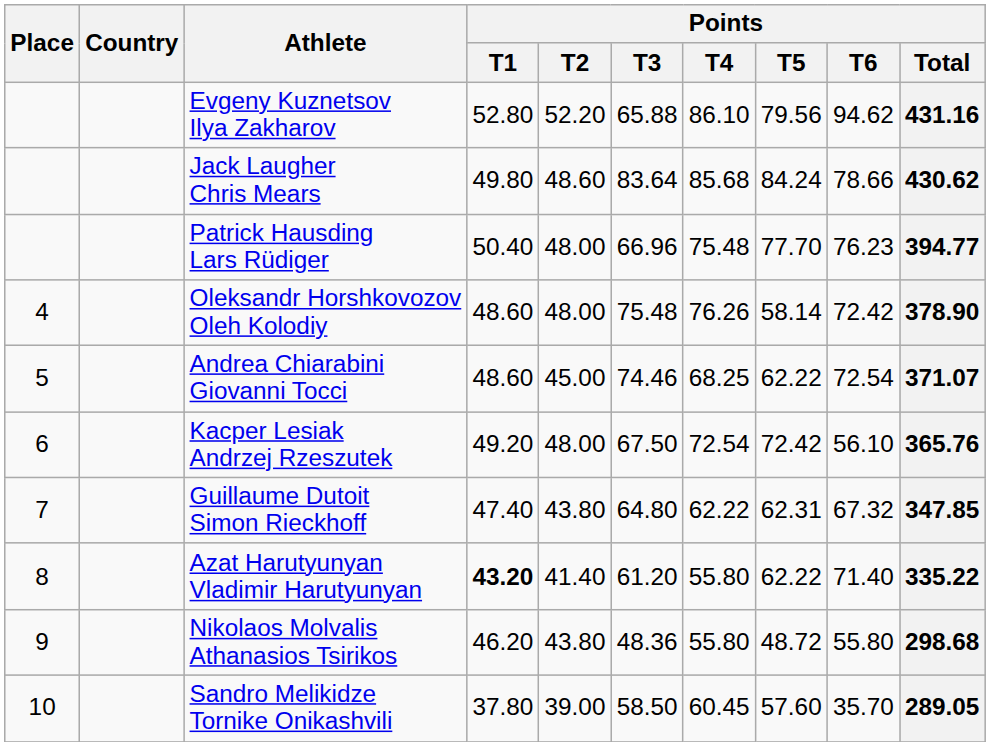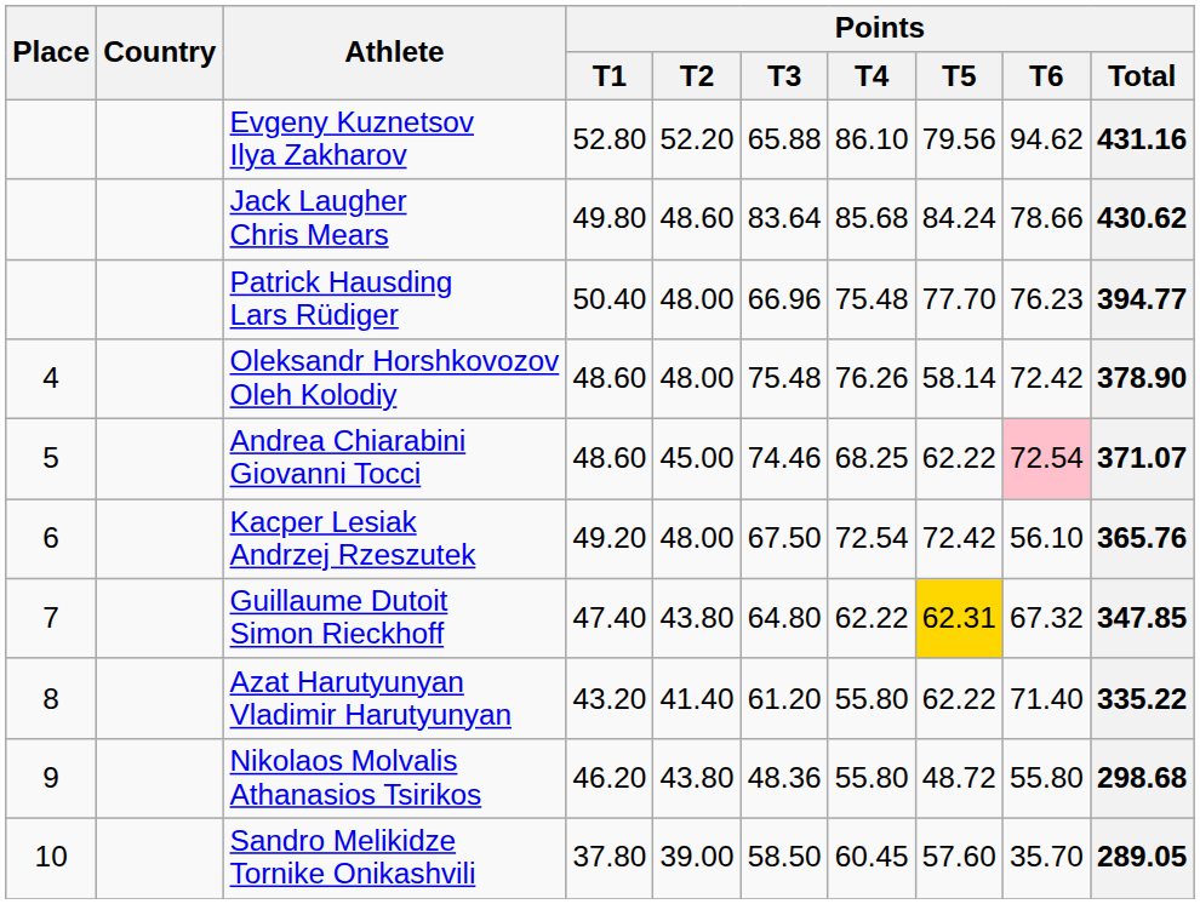 <table class="wikitable" style="text-align:center">
 <tr>
 <th rowspan=2>Place</th>
 <th rowspan=2>Country</th>
 <th rowspan=2>Athlete</th>
 <th colspan=7>Points</th>
 </tr>
 <tr>
 <th>T1</th>
 <th>T2</th>
 <th>T3</th>
 <th>T4</th>
 <th>T5</th>
 <th>T6</th>
 <th>Total</th>
 </tr>
 <tr>
 <td></td>
 <td align=left></td>
 <td align=left><a href='#'>Evgeny Kuznetsov</a><br><a href='#'>Ilya Zakharov</a></td>
 <td>52.80</td>
 <td>52.20</td>
 <td>65.88</td>
 <td>86.10</td>
 <td>79.56</td>
 <td>94.62</td>
 <th>431.16</th>
 </tr>
 <tr>
 <td></td>
 <td align=left></td>
 <td align=left><a href='#'>Jack Laugher</a><br><a href='#'>Chris Mears</a></td>
 <td>49.80</td>
 <td>48.60</td>
 <td>83.64</td>
 <td>85.68</td>
 <td>84.24</td>
 <td>78.66</td>
 <th>430.62</th>
 </tr>
 <tr>
 <td></td>
 <td align=left></td>
 <td align=left><a href='#'>Patrick Hausding</a><br><a href='#'>Lars Rüdiger</a></td>
 <td>50.40</td>
 <td>48.00</td>
 <td>66.96</td>
 <td>75.48</td>
 <td>77.70</td>
 <td>76.23</td>
 <th>394.77</th>
 </tr>
 <tr>
 <td>4</td>
 <td align=left></td>
 <td align=left><a href='#'>Oleksandr Horshkovozov</a><br><a href='#'>Oleh Kolodiy</a></td>
 <td>48.60</td>
 <td>48.00</td>
 <td>75.48</td>
 <td>76.26</td>
 <td>58.14</td>
 <td>72.42</td>
 <th>378.90</th>
 </tr>
 <tr>
 <td>5</td>
 <td align=left></td>
 <td align=left><a href='#'>Andrea Chiarabini</a><br><a href='#'>Giovanni Tocci</a></td>
 <td>48.60</td>
 <td>45.00</td>
 <td>74.46</td>
 <td>68.25</td>
 <td>62.22</td>
-<td>72.54</td>
+<td style="background: pink;">72.54</td>
 <th>371.07</th>
 </tr>
 <tr>
 <td>6</td>
 <td align=left></td>
 <td align=left><a href='#'>Kacper Lesiak</a><br><a href='#'>Andrzej Rzeszutek</a></td>
 <td>49.20</td>
 <td>48.00</td>
 <td>67.50</td>
 <td>72.54</td>
 <td>72.42</td>
 <td>56.10</td>
 <th>365.76</th>
 </tr>
 <tr>
 <td>7</td>
 <td align=left></td>
 <td align=left><a href='#'>Guillaume Dutoit</a><br><a href='#'>Simon Rieckhoff</a></td>
 <td>47.40</td>
 <td>43.80</td>
 <td>64.80</td>
 <td>62.22</td>
-<td>62.31</td>
+<td style="background: gold;">62.31</td>
 <td>67.32</td>
 <th>347.85</th>
 </tr>
 <tr>
 <td>8</td>
 <td align=left></td>
 <td align=left><a href='#'>Azat Harutyunyan</a><br><a href='#'>Vladimir Harutyunyan</a></td>
-<td><strong>43.20</strong></td>
+<td>43.20</td>
 <td>41.40</td>
 <td>61.20</td>
 <td>55.80</td>
 <td>62.22</td>
 <td>71.40</td>
 <th>335.22</th>
 </tr>
 <tr>
 <td>9</td>
 <td align=left></td>
 <td align=left><a href='#'>Nikolaos Molvalis</a><br><a href='#'>Athanasios Tsirikos</a></td>
 <td>46.20</td>
 <td>43.80</td>
 <td>48.36</td>
 <td>55.80</td>
 <td>48.72</td>
 <td>55.80</td>
 <th>298.68</th>
 </tr>
 <tr>
 <td>10</td>
 <td align=left></td>
 <td align=left><a href='#'>Sandro Melikidze</a><br><a href='#'>Tornike Onikashvili</a></td>
 <td>37.80</td>
 <td>39.00</td>
 <td>58.50</td>
 <td>60.45</td>
 <td>57.60</td>
 <td>35.70</td>
 <th>289.05</th>
 </tr>
 </table>
